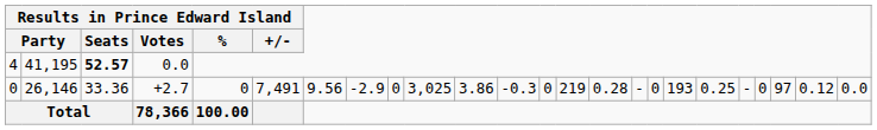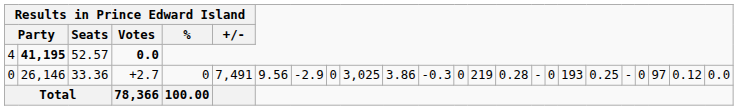 <table class="wikitable">
 <tr>
 <th align="center" colspan=6>Results in Prince Edward Island</th>
 </tr>
 <tr>
 <th align="centre" colspan=2>Party</th>
 <th align="right">Seats</th>
 <th align="right">Votes</th>
 <th align="right">%</th>
 <th align="right">+/-</th>
 </tr>
 <tr>
 <td align="right">4</td>
-<td align="right">41,195</td>
-<td align="right"><strong>52.57</strong></td>
-<td align="right">0.0</td>
+<td align="right"><strong>41,195</strong></td>
+<td align="right">52.57</td>
+<td align="right"><strong>0.0</strong></td>
 </tr>
 <tr>
 <td align="right">0</td>
 <td align="right">26,146</td>
 <td align="right">33.36</td>
 <td align="right">+2.7<br></td>
 <td align="right">0</td>
 <td align="right">7,491</td>
 <td align="right">9.56</td>
 <td align="right">-2.9<br></td>
 <td align="right">0</td>
 <td align="right">3,025</td>
 <td align="right">3.86</td>
 <td align="right">-0.3<br></td>
 <td align="right">0</td>
 <td align="right">219</td>
 <td align="right">0.28</td>
 <td align="right">-<br></td>
 <td align="right">0</td>
 <td align="right">193</td>
 <td align="right">0.25</td>
 <td align="right">-<br></td>
 <td align="right">0</td>
 <td align="right">97</td>
 <td align="right">0.12</td>
 <td align="right">0.0</td>
 </tr>
 <tr bgcolor="white">
 <th align="left" colspan=3>Total</th>
 <th align="right">78,366</th>
 <th align="right">100.00</th>
 <th align="right"></th>
 </tr>
 </table>
